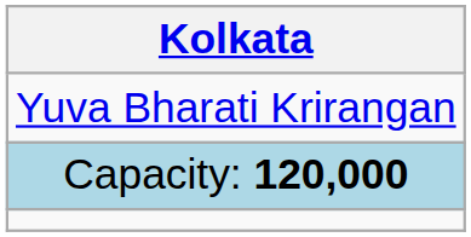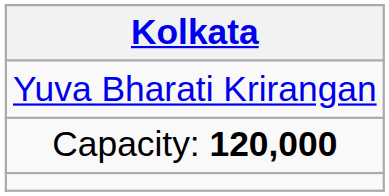 <table class="wikitable" style="text-align:center;margin:1em auto;">
 <tr>
 <th><a href='#'>Kolkata</a></th>
 </tr>
 <tr>
 <td><a href='#'>Yuva Bharati Krirangan</a></td>
 </tr>
 <tr>
-<td style="background: lightblue;">Capacity: <strong>120,000</strong></td>
+<td>Capacity: <strong>120,000</strong></td>
 </tr>
 <tr>
 <td></td>
 </tr>
 </table>
